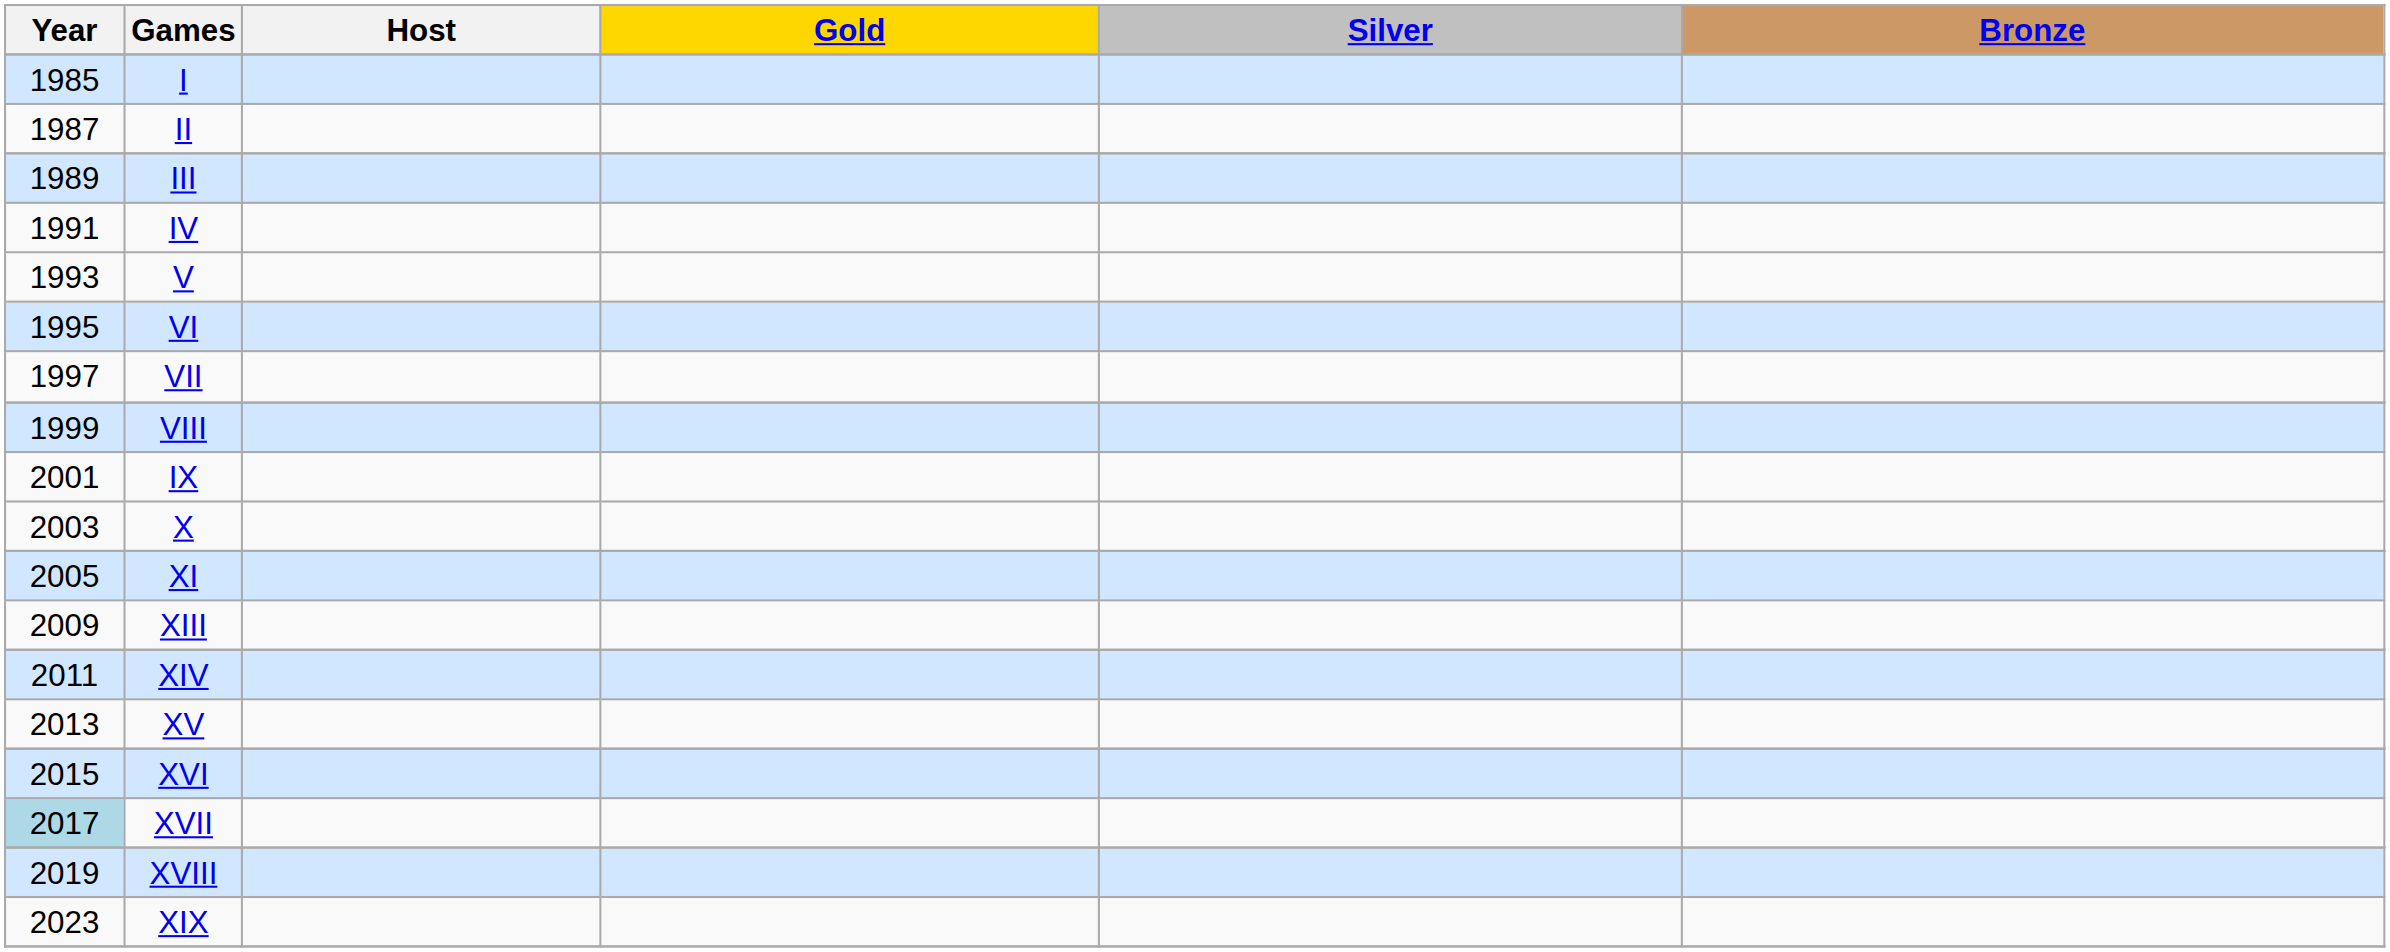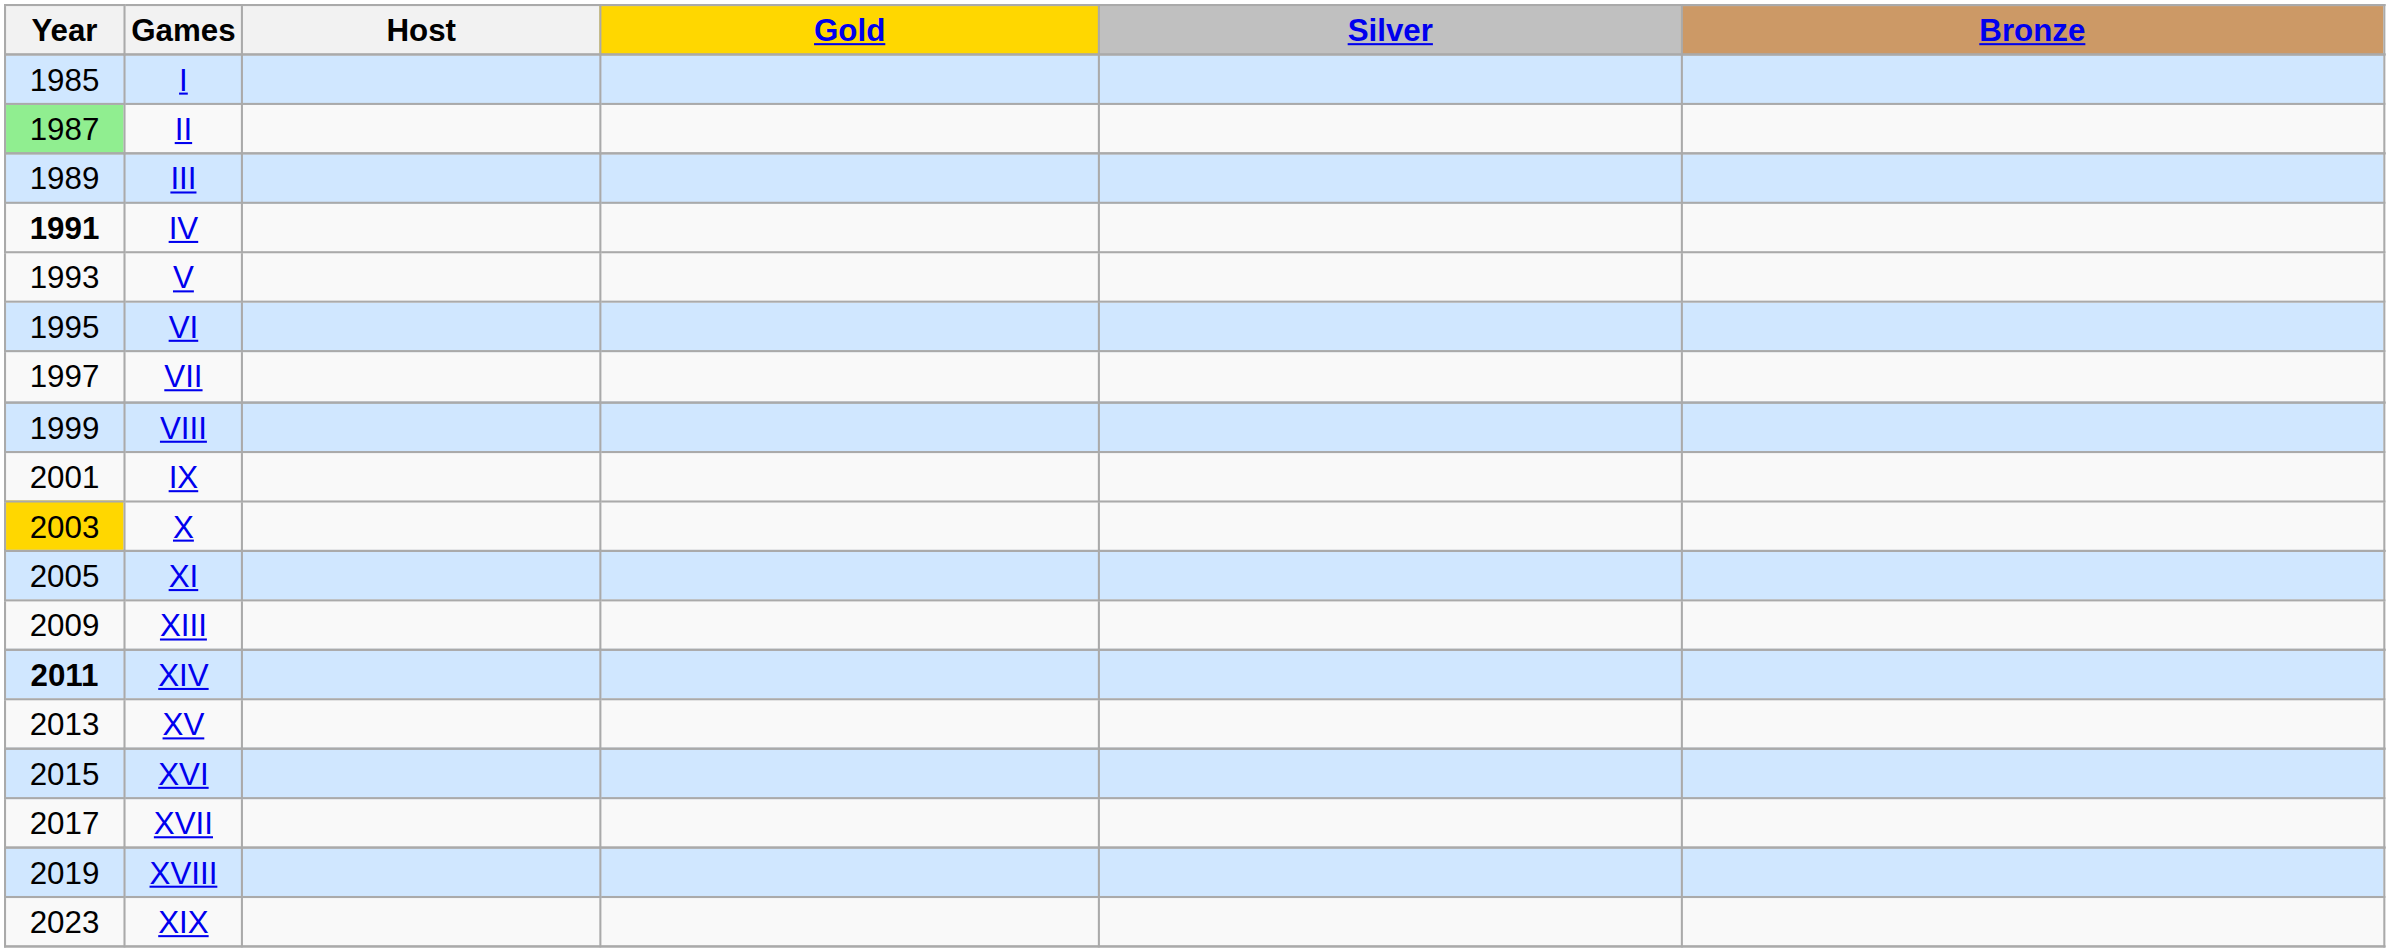 <table class="wikitable" style="text-align: center; font-size:95%;">
 <tr>
 <th rowspan="2" style="width:5%;">Year</th>
 <th rowspan="2" style="width:5%;">Games</th>
 <th rowspan="2" style="width:15%;">Host</th>
 </tr>
 <tr>
 <th style="background-color: gold"><a href='#'>Gold</a></th>
 <th style="background-color: silver"><a href='#'>Silver</a></th>
 <th style="background-color: #CC9966"><a href='#'>Bronze</a></th>
 </tr>
 <tr>
 </tr>
 <tr style="text-align:center; background:#d0e7ff;">
 <td>1985</td>
 <td align=center><a href='#'>I</a></td>
 <td align="left"></td>
 <td align="left"></td>
 <td align="left"></td>
 <td align="left"></td>
 </tr>
 <tr>
-<td>1987</td>
+<td style="background: lightgreen;">1987</td>
 <td align=center><a href='#'>II</a></td>
 <td align="left"></td>
 <td align="left"></td>
 <td align="left"></td>
 <td align="left"></td>
 </tr>
 <tr>
 </tr>
 <tr style="text-align:center; background:#d0e7ff;">
 <td>1989</td>
 <td align=center><a href='#'>III</a></td>
 <td align="left"></td>
 <td align="left"></td>
 <td align="left"></td>
 <td align="left"></td>
 </tr>
 <tr>
-<td>1991</td>
+<td><strong>1991</strong></td>
 <td align=center><a href='#'>IV</a></td>
 <td align="left"></td>
 <td align="left"></td>
 <td align="left"></td>
 <td align="left"></td>
 </tr>
 <tr>
 <td>1993</td>
 <td align=center><a href='#'>V</a></td>
 <td align="left"></td>
 <td align="left"></td>
 <td align="left"></td>
 <td align="left"></td>
 </tr>
 <tr style="text-align:center; background:#d0e7ff;">
 <td>1995</td>
 <td align=center><a href='#'>VI</a></td>
 <td align="left"></td>
 <td align="left"></td>
 <td align="left"></td>
 <td align="left"></td>
 </tr>
 <tr>
 <td>1997</td>
 <td align=center><a href='#'>VII</a></td>
 <td align="left"></td>
 <td align="left"></td>
 <td align="left"></td>
 <td align="left"></td>
 </tr>
 <tr>
 </tr>
 <tr style="text-align:center; background:#d0e7ff;">
 <td>1999</td>
 <td align=center><a href='#'>VIII</a></td>
 <td align="left"></td>
 <td align="left"></td>
 <td align="left"></td>
 <td align="left"></td>
 </tr>
 <tr>
 <td>2001</td>
 <td align=center><a href='#'>IX</a></td>
 <td align="left"></td>
 <td align="left"></td>
 <td align="left"></td>
 <td align="left"></td>
 </tr>
 <tr>
-<td>2003</td>
+<td style="background: gold;">2003</td>
 <td align=center><a href='#'>X</a></td>
 <td align="left"></td>
 <td align="left"></td>
 <td align="left"></td>
 <td align="left"></td>
 </tr>
 <tr>
 </tr>
 <tr style="text-align:center; background:#d0e7ff;">
 <td>2005</td>
 <td align=center><a href='#'>XI</a></td>
 <td align="left"></td>
 <td align="left"></td>
 <td align="left"></td>
 <td align="left"></td>
 </tr>
 <tr>
 <td>2009</td>
 <td align=center><a href='#'>XIII</a></td>
 <td align="left"></td>
 <td align="left"></td>
 <td align="left"></td>
 <td align="left"></td>
 </tr>
 <tr>
 </tr>
 <tr style="text-align:center; background:#d0e7ff;">
-<td>2011</td>
+<td><strong>2011</strong></td>
 <td align=center><a href='#'>XIV</a></td>
 <td align="left"></td>
 <td align="left"></td>
 <td align="left"></td>
 <td align="left"></td>
 </tr>
 <tr>
 <td>2013</td>
 <td align=center><a href='#'>XV</a></td>
 <td align="left"></td>
 <td align="left"></td>
 <td align="left"></td>
 <td align="left"></td>
 </tr>
 <tr>
 </tr>
 <tr style="text-align:center; background:#d0e7ff;">
 <td>2015</td>
 <td align=center><a href='#'>XVI</a></td>
 <td align="left"></td>
 <td align="left"></td>
 <td align="left"></td>
 <td align="left"></td>
 </tr>
 <tr>
-<td style="background: lightblue;">2017</td>
+<td>2017</td>
 <td align=center><a href='#'>XVII</a></td>
 <td align="left"></td>
 <td align="left"></td>
 <td align="left"></td>
 <td align="left"></td>
 </tr>
 <tr>
 </tr>
 <tr style="text-align:center; background:#d0e7ff;">
 <td>2019</td>
 <td align=center><a href='#'>XVIII</a></td>
 <td align="left"></td>
 <td align="left"></td>
 <td align="left"></td>
 <td align="left"></td>
 </tr>
 <tr>
 <td>2023</td>
 <td align=center><a href='#'>XIX</a></td>
 <td align="left"></td>
 <td align="left"></td>
 <td align="left"></td>
 <td align="left"></td>
 </tr>
 <tr>
 </tr>
 </table>
